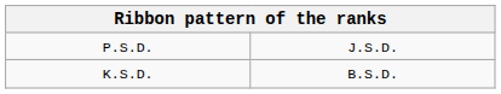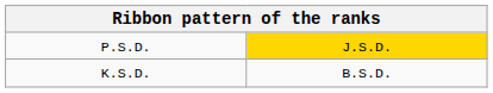 <table align=center class=wikitable width=30%>
 <tr>
 <th Colspan=3>Ribbon pattern of the ranks</th>
 </tr>
 <tr>
 <td width=33% style="vertical-align:top;text-align:center;"><small>P.S.D.</small></td>
-<td width=33% style="vertical-align:top;text-align:center;"><small>J.S.D.</small></td>
+<td width=33% style="background: gold; vertical-align:top;text-align:center;"><small>J.S.D.</small></td>
 </tr>
 <tr>
 <td width=33% style="vertical-align:top;text-align:center;"><small>K.S.D.</small></td>
 <td width=33% style="vertical-align:top;text-align:center;"><small>B.S.D.</small></td>
 </tr>
 </table>
